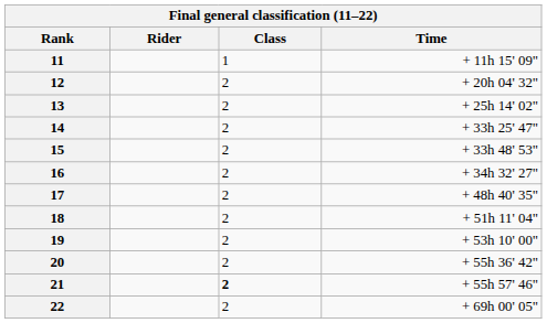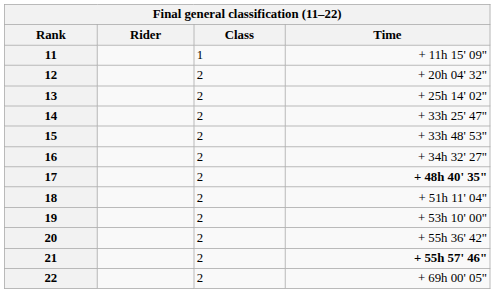 <table class="collapsible collapsed wikitable" style="width:38em;margin-top:-1px;">
 <tr>
 <th scope="col" colspan="4">Final general classification (11–22)</th>
 </tr>
 <tr>
 <th scope="col">Rank</th>
 <th scope="col">Rider</th>
 <th>Class</th>
 <th scope="col">Time</th>
 </tr>
 <tr>
 <th scope="col">11</th>
 <td></td>
 <td>1</td>
 <td style="text-align:right;">+ 11h 15' 09"</td>
 </tr>
 <tr>
 <th scope="col">12</th>
 <td></td>
 <td>2</td>
 <td style="text-align:right;">+ 20h 04' 32"</td>
 </tr>
 <tr>
 <th scope="col">13</th>
 <td></td>
 <td>2</td>
 <td style="text-align:right;">+ 25h 14' 02"</td>
 </tr>
 <tr>
 <th scope="col">14</th>
 <td></td>
 <td>2</td>
 <td style="text-align:right;">+ 33h 25' 47"</td>
 </tr>
 <tr>
 <th scope="col">15</th>
 <td></td>
 <td>2</td>
 <td style="text-align:right;">+ 33h 48' 53"</td>
 </tr>
 <tr>
 <th scope="col">16</th>
 <td></td>
 <td>2</td>
 <td style="text-align:right;">+ 34h 32' 27"</td>
 </tr>
 <tr>
 <th scope="col">17</th>
 <td></td>
 <td>2</td>
-<td style="text-align:right;">+ 48h 40' 35"</td>
+<td style="text-align:right;"><strong>+ 48h 40' 35"</strong></td>
 </tr>
 <tr>
 <th scope="col">18</th>
 <td></td>
 <td>2</td>
 <td style="text-align:right;">+ 51h 11' 04"</td>
 </tr>
 <tr>
 <th scope="col">19</th>
 <td></td>
 <td>2</td>
 <td style="text-align:right;">+ 53h 10' 00"</td>
 </tr>
 <tr>
 <th scope="col">20</th>
 <td></td>
 <td>2</td>
 <td style="text-align:right;">+ 55h 36' 42"</td>
 </tr>
 <tr>
 <th scope="col">21</th>
 <td></td>
-<td><strong>2</strong></td>
-<td style="text-align:right;">+ 55h 57' 46"</td>
+<td>2</td>
+<td style="text-align:right;"><strong>+ 55h 57' 46"</strong></td>
 </tr>
 <tr>
 <th scope="col">22</th>
 <td></td>
 <td>2</td>
 <td style="text-align:right;">+ 69h 00' 05"</td>
 </tr>
 </table>
